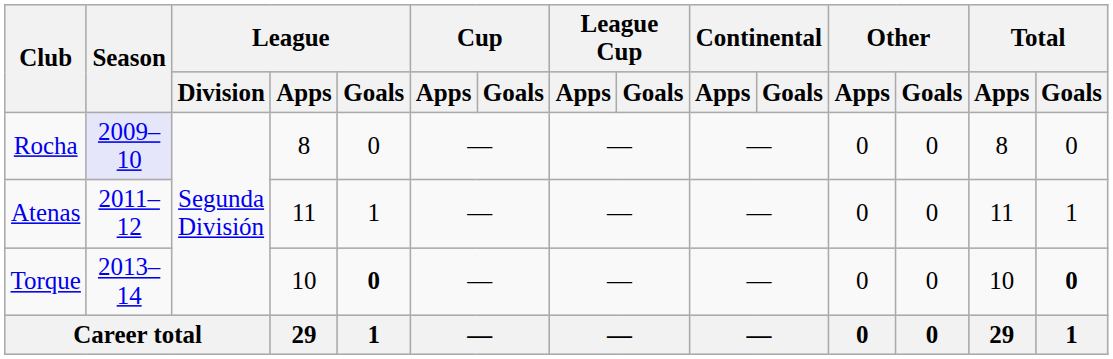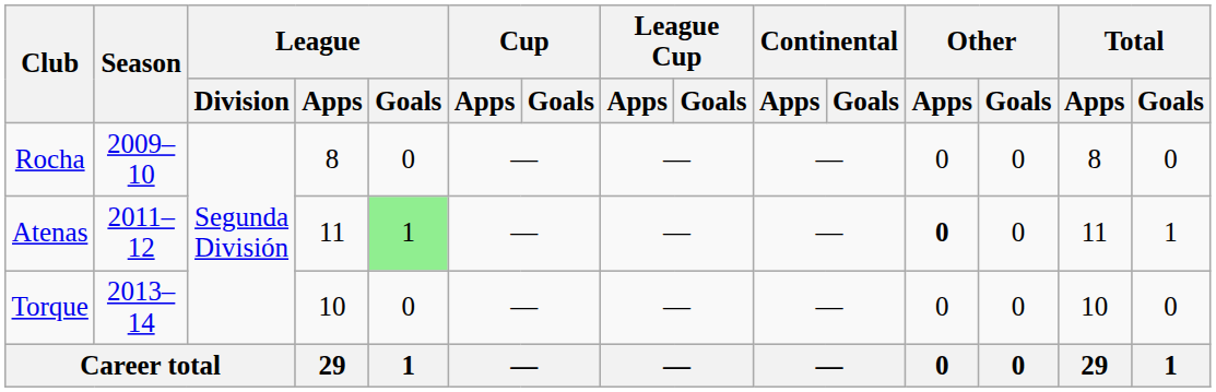 <table class="wikitable" style="text-align:center">
 <tr>
 <th rowspan="2">Club</th>
 <th rowspan="2">Season</th>
 <th colspan="3">League</th>
 <th colspan="2">Cup</th>
 <th colspan="2">League Cup</th>
 <th colspan="2">Continental</th>
 <th colspan="2">Other</th>
 <th colspan="2">Total</th>
 </tr>
 <tr>
 <th>Division</th>
 <th>Apps</th>
 <th>Goals</th>
 <th>Apps</th>
 <th>Goals</th>
 <th>Apps</th>
 <th>Goals</th>
 <th>Apps</th>
 <th>Goals</th>
 <th>Apps</th>
 <th>Goals</th>
 <th>Apps</th>
 <th>Goals</th>
 </tr>
 <tr>
 <td rowspan="1"><a href='#'>Rocha</a></td>
-<td style="background: lavender;"><a href='#'>2009–10</a></td>
+<td><a href='#'>2009–10</a></td>
 <td rowspan="3"><a href='#'>Segunda División</a></td>
 <td>8</td>
 <td>0</td>
 <td colspan="2">—</td>
 <td colspan="2">—</td>
 <td colspan="2">—</td>
 <td>0</td>
 <td>0</td>
 <td>8</td>
 <td>0</td>
 </tr>
 <tr>
 <td rowspan="1"><a href='#'>Atenas</a></td>
 <td><a href='#'>2011–12</a></td>
 <td>11</td>
-<td>1</td>
+<td style="background: lightgreen;">1</td>
 <td colspan="2">—</td>
 <td colspan="2">—</td>
 <td colspan="2">—</td>
-<td>0</td>
+<td><strong>0</strong></td>
 <td>0</td>
 <td>11</td>
 <td>1</td>
 </tr>
 <tr>
 <td rowspan="1"><a href='#'>Torque</a></td>
 <td><a href='#'>2013–14</a></td>
 <td>10</td>
-<td><strong>0</strong></td>
+<td>0</td>
 <td colspan="2">—</td>
 <td colspan="2">—</td>
 <td colspan="2">—</td>
 <td>0</td>
 <td>0</td>
 <td>10</td>
-<td><strong>0</strong></td>
+<td>0</td>
 </tr>
 <tr>
 <th colspan="3">Career total</th>
 <th>29</th>
 <th>1</th>
 <th colspan="2">—</th>
 <th colspan="2">—</th>
 <th colspan="2">—</th>
 <th>0</th>
 <th>0</th>
 <th>29</th>
 <th>1</th>
 </tr>
 </table>
